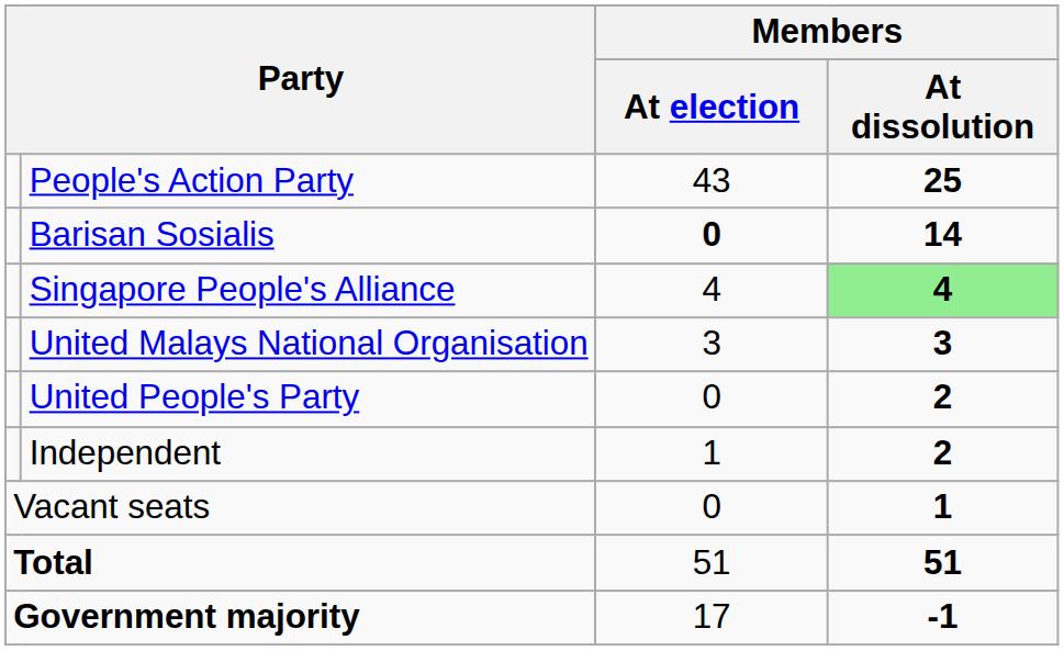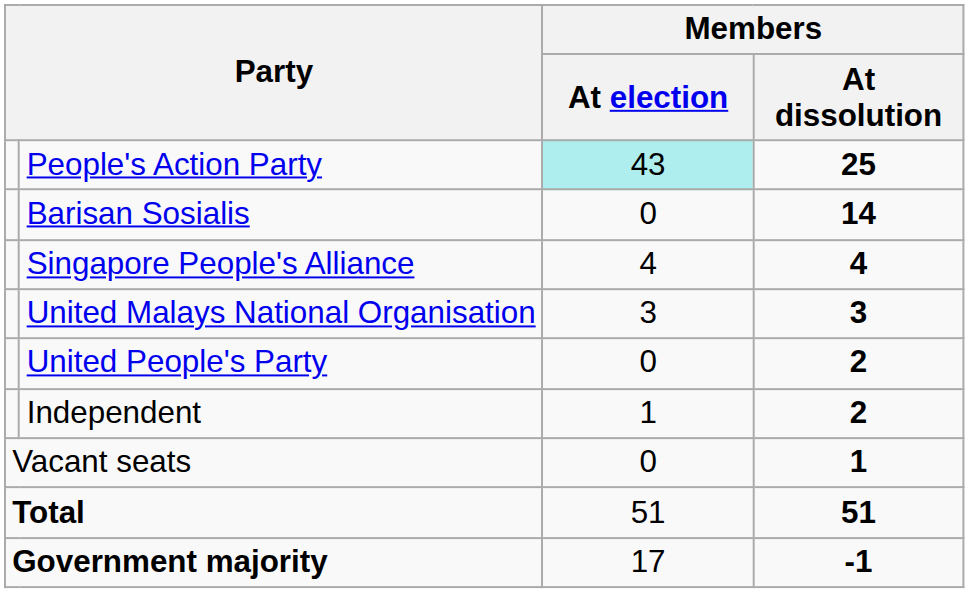 <table class="wikitable" border="1">
 <tr>
 <th colspan="2" rowspan="2">Party</th>
 <th colspan="2">Members</th>
 </tr>
 <tr>
 <th width="100px">At <a href='#'>election</a></th>
 <th width="100px">At dissolution</th>
 </tr>
 <tr>
 <td></td>
 <td scope="row"><a href='#'>People's Action Party</a></td>
-<td align="center">43</td>
+<td align="center" style="background: paleturquoise;">43</td>
 <td align="center"><strong>25</strong></td>
 </tr>
 <tr>
 <td></td>
 <td scope="row"><a href='#'>Barisan Sosialis</a></td>
-<td align="center"><strong>0</strong></td>
+<td align="center">0</td>
 <td align="center"><strong>14</strong></td>
 </tr>
 <tr>
 <td></td>
 <td><a href='#'>Singapore People's Alliance</a></td>
 <td align="center">4</td>
-<td align="center" style="background: lightgreen;"><strong>4</strong></td>
+<td align="center"><strong>4</strong></td>
 </tr>
 <tr>
 <td></td>
 <td><a href='#'>United Malays National Organisation</a></td>
 <td align="center">3</td>
 <td align="center"><strong>3</strong></td>
 </tr>
 <tr>
 <td></td>
 <td><a href='#'>United People's Party</a></td>
 <td align="center">0</td>
 <td align="center"><strong>2</strong></td>
 </tr>
 <tr>
 <td></td>
 <td>Independent</td>
 <td align="center">1</td>
 <td align="center"><strong>2</strong></td>
 </tr>
 <tr>
 <td colspan="2">Vacant seats</td>
 <td align="center">0</td>
 <td align="center"><strong>1</strong></td>
 </tr>
 <tr>
 <td colspan="2"><strong>Total</strong></td>
 <td align="center">51</td>
 <td align="center"><strong>51</strong></td>
 </tr>
 <tr>
 <td colspan="2"><strong>Government majority</strong></td>
 <td align="center">17</td>
 <td align="center"><strong>-1</strong></td>
 </tr>
 </table>
